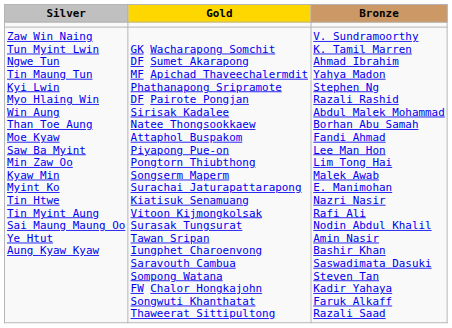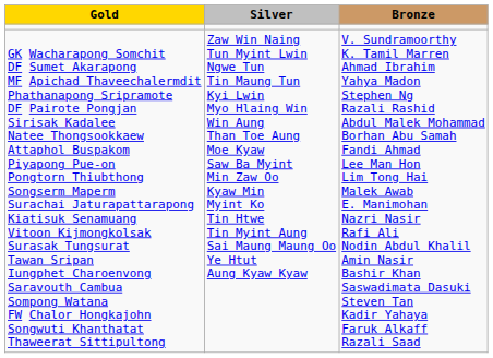 <table class="wikitable">
 <tr>
+<th style="background: gold">Gold</th>
 <th style="background: silver">Silver</th>
-<th style="background: gold">Gold</th>
 <th style="background: #cc9966">Bronze</th>
 </tr>
 <tr>
 <td align="center"></td>
 <td align="center"></td>
 <td align="center"></td>
 </tr>
 <tr>
+<td valign="top"><br><a href='#'>GK</a> <a href='#'>Wacharapong Somchit</a> <br> <a href='#'>DF</a> <a href='#'>Sumet Akarapong</a> <br> <a href='#'>MF</a> <a href='#'>Apichad Thaveechalermdit</a> <br>  <a href='#'>Phathanapong Sripramote</a> <br> <a href='#'>DF</a> <a href='#'>Pairote Pongjan</a> <br><a href='#'>Sirisak Kadalee</a> <br><a href='#'>Natee Thongsookkaew</a> <br><a href='#'>Attaphol Buspakom</a> <br><a href='#'>Piyapong Pue-on</a> <br><a href='#'>Pongtorn Thiubthong</a> <br><a href='#'>Songserm Maperm</a> <br><a href='#'>Surachai Jaturapattarapong</a> <br><a href='#'>Kiatisuk Senamuang</a> <br><a href='#'>Vitoon Kijmongkolsak</a> <br><a href='#'>Surasak Tungsurat</a> <br><a href='#'>Tawan Sripan</a> <br><a href='#'>Iungphet Charoenvong</a> <br><a href='#'>Saravouth Cambua</a> <br><a href='#'>Sompong Watana</a> <br> <a href='#'>FW</a> <a href='#'>Chalor Hongkajohn</a> <br> <a href='#'>Songwuti Khanthatat</a> <br><a href='#'>Thaweerat Sittipultong</a></td>
 <td valign="top"><a href='#'>Zaw Win Naing</a> <br><a href='#'>Tun Myint Lwin</a> <br><a href='#'>Ngwe Tun</a> <br><a href='#'>Tin Maung Tun</a> <br><a href='#'>Kyi Lwin</a> <br><a href='#'>Myo Hlaing Win</a> <br><a href='#'>Win Aung</a> <br><a href='#'>Than Toe Aung</a> <br><a href='#'>Moe Kyaw</a> <br><a href='#'>Saw Ba Myint</a> <br><a href='#'>Min Zaw Oo</a> <br><a href='#'>Kyaw Min</a> <br><a href='#'>Myint Ko</a> <br><a href='#'>Tin Htwe</a> <br><a href='#'>Tin Myint Aung</a> <br><a href='#'>Sai Maung Maung Oo</a><br><a href='#'>Ye Htut</a><br><a href='#'>Aung Kyaw Kyaw</a></td>
-<td valign="top"><br><a href='#'>GK</a> <a href='#'>Wacharapong Somchit</a> <br> <a href='#'>DF</a> <a href='#'>Sumet Akarapong</a> <br> <a href='#'>MF</a> <a href='#'>Apichad Thaveechalermdit</a> <br>  <a href='#'>Phathanapong Sripramote</a> <br> <a href='#'>DF</a> <a href='#'>Pairote Pongjan</a> <br><a href='#'>Sirisak Kadalee</a> <br><a href='#'>Natee Thongsookkaew</a> <br><a href='#'>Attaphol Buspakom</a> <br><a href='#'>Piyapong Pue-on</a> <br><a href='#'>Pongtorn Thiubthong</a> <br><a href='#'>Songserm Maperm</a> <br><a href='#'>Surachai Jaturapattarapong</a> <br><a href='#'>Kiatisuk Senamuang</a> <br><a href='#'>Vitoon Kijmongkolsak</a> <br><a href='#'>Surasak Tungsurat</a> <br><a href='#'>Tawan Sripan</a> <br><a href='#'>Iungphet Charoenvong</a> <br><a href='#'>Saravouth Cambua</a> <br><a href='#'>Sompong Watana</a> <br> <a href='#'>FW</a> <a href='#'>Chalor Hongkajohn</a> <br> <a href='#'>Songwuti Khanthatat</a> <br><a href='#'>Thaweerat Sittipultong</a></td>
 <td valign="top"><a href='#'>V. Sundramoorthy</a> <br><a href='#'>K. Tamil Marren</a> <br><a href='#'>Ahmad Ibrahim</a> <br><a href='#'>Yahya Madon</a> <br><a href='#'>Stephen Ng</a> <br><a href='#'>Razali Rashid</a> <br><a href='#'>Abdul Malek Mohammad</a> <br><a href='#'>Borhan Abu Samah</a> <br><a href='#'>Fandi Ahmad</a> <br><a href='#'>Lee Man Hon</a> <br><a href='#'>Lim Tong Hai</a> <br><a href='#'>Malek Awab</a> <br><a href='#'>E. Manimohan</a> <br><a href='#'>Nazri Nasir</a> <br><a href='#'>Rafi Ali</a> <br><a href='#'>Nodin Abdul Khalil</a> <br><a href='#'>Amin Nasir</a> <br><a href='#'>Bashir Khan</a> <br><a href='#'>Saswadimata Dasuki</a> <br><a href='#'>Steven Tan</a> <br><a href='#'>Kadir Yahaya</a> <br><a href='#'>Faruk Alkaff</a><br><a href='#'>Razali Saad</a></td>
 </tr>
 </table>
